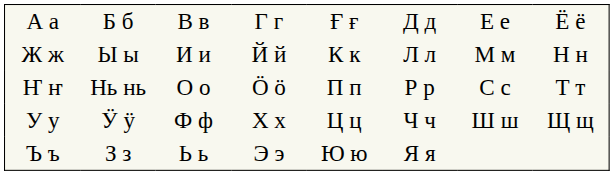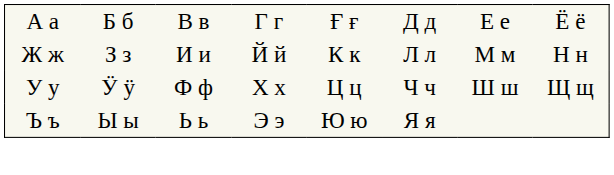 <table style="font-family:Arial Unicode MS; font-size:1.4em; border-color:#000000; border-width:1px; border-style:solid; border-collapse:collapse; background-color:#F8F8EF">
 <tr>
 <td style="width:3em; text-align:center; padding: 3px;">А а</td>
 <td style="width:3em; text-align:center; padding: 3px;">Б б</td>
 <td style="width:3em; text-align:center; padding: 3px;">В в</td>
 <td style="width:3em; text-align:center; padding: 3px;">Г г</td>
 <td style="width:3em; text-align:center; padding: 3px;">Ғ ғ</td>
 <td style="width:3em; text-align:center; padding: 3px;">Д д</td>
 <td style="width:3em; text-align:center; padding: 3px;">Е е</td>
 <td style="width:3em; text-align:center; padding: 3px;">Ё ё</td>
 </tr>
 <tr>
 <td style="width:3em; text-align:center; padding: 3px;">Ж ж</td>
-<td style="width:3em; text-align:center; padding: 3px;">Ы ы</td>
+<td style="width:3em; text-align:center; padding: 3px;">З з</td>
 <td style="width:3em; text-align:center; padding: 3px;">И и</td>
 <td style="width:3em; text-align:center; padding: 3px;">Й й</td>
 <td style="width:3em; text-align:center; padding: 3px;">К к</td>
 <td style="width:3em; text-align:center; padding: 3px;">Л л</td>
 <td style="width:3em; text-align:center; padding: 3px;">М м</td>
 <td style="width:3em; text-align:center; padding: 3px;">Н н</td>
-</tr>
-<tr>
-<td style="width:3em; text-align:center; padding: 3px;">Ҥ ҥ</td>
-<td style="width:3em; text-align:center; padding: 3px;">Нь нь</td>
-<td style="width:3em; text-align:center; padding: 3px;">О о</td>
-<td style="width:3em; text-align:center; padding: 3px;">Ö ö</td>
-<td style="width:3em; text-align:center; padding: 3px;">П п</td>
-<td style="width:3em; text-align:center; padding: 3px;">Р р</td>
-<td style="width:3em; text-align:center; padding: 3px;">С с</td>
-<td style="width:3em; text-align:center; padding: 3px;">Т т</td>
 </tr>
 <tr>
 <td style="width:3em; text-align:center; padding: 3px;">У у</td>
 <td style="width:3em; text-align:center; padding: 3px;">Ӱ ӱ</td>
 <td style="width:3em; text-align:center; padding: 3px;">Ф ф</td>
 <td style="width:3em; text-align:center; padding: 3px;">Х х</td>
 <td style="width:3em; text-align:center; padding: 3px;">Ц ц</td>
 <td style="width:3em; text-align:center; padding: 3px;">Ч ч</td>
 <td style="width:3em; text-align:center; padding: 3px;">Ш ш</td>
 <td style="width:3em; text-align:center; padding: 3px;">Щ щ</td>
 </tr>
 <tr>
 <td style="width:3em; text-align:center; padding: 3px;">Ъ ъ</td>
-<td style="width:3em; text-align:center; padding: 3px;">З з</td>
+<td style="width:3em; text-align:center; padding: 3px;">Ы ы</td>
 <td style="width:3em; text-align:center; padding: 3px;">Ь ь</td>
 <td style="width:3em; text-align:center; padding: 3px;">Э э</td>
 <td style="width:3em; text-align:center; padding: 3px;">Ю ю</td>
 <td style="width:3em; text-align:center; padding: 3px;">Я я</td>
 </tr>
 </table>
